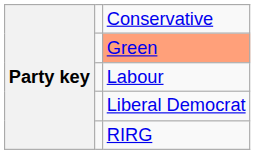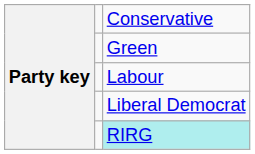 <table class=wikitable>
 <tr>
 <th rowspan=5>Party key</th>
 <td style=background:></td>
 <td><a href='#'>Conservative</a></td>
 </tr>
 <tr>
 <td style=background:></td>
-<td style="background: lightsalmon;"><a href='#'>Green</a></td>
+<td><a href='#'>Green</a></td>
 </tr>
 <tr>
 <td style=background:></td>
 <td><a href='#'>Labour</a></td>
 </tr>
 <tr>
 <td style=background:></td>
 <td><a href='#'>Liberal Democrat</a></td>
 </tr>
 <tr>
 <td style=background:></td>
-<td><a href='#'>RIRG</a></td>
+<td style="background: paleturquoise;"><a href='#'>RIRG</a></td>
 </tr>
 </table>
